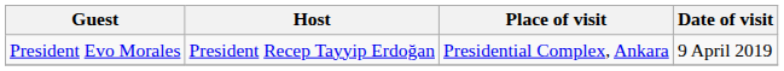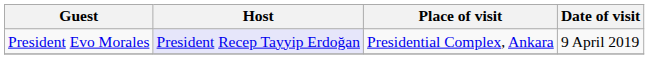 <table class="wikitable" border="1">
 <tr>
 <th>Guest</th>
 <th>Host</th>
 <th>Place of visit</th>
 <th>Date of visit</th>
 </tr>
 <tr>
 <td> <a href='#'>President</a> <a href='#'>Evo Morales</a></td>
-<td> <a href='#'>President</a> <a href='#'>Recep Tayyip Erdoğan</a></td>
+<td style="background: lavender;"> <a href='#'>President</a> <a href='#'>Recep Tayyip Erdoğan</a></td>
 <td><a href='#'>Presidential Complex</a>, <a href='#'>Ankara</a></td>
 <td>9 April 2019</td>
 </tr>
 <tr>
 </tr>
 </table>
